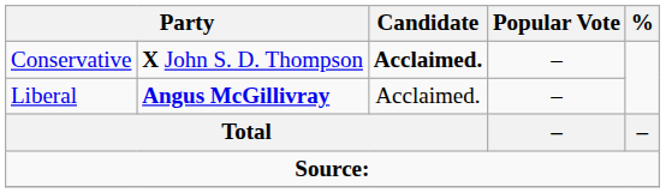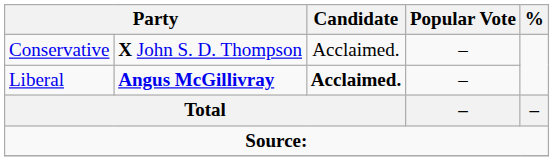 <table class="wikitable">
 <tr>
 <th colspan="2">Party</th>
 <th>Candidate</th>
 <th>Popular Vote</th>
 <th>%</th>
 </tr>
 <tr>
 <td><a href='#'>Conservative</a></td>
 <td> <strong>X</strong> <a href='#'>John S. D. Thompson</a></td>
-<td align=center><strong>Acclaimed.</strong></td>
+<td align=center>Acclaimed.</td>
 <td align=center>–</td>
 </tr>
 <tr>
 <td><a href='#'>Liberal</a></td>
 <td><strong> <a href='#'>Angus McGillivray</a></strong></td>
-<td align=center>Acclaimed.</td>
+<td align=center><strong>Acclaimed.</strong></td>
 <td align=center>–</td>
 </tr>
 <tr>
 <th colspan=3 align=center>Total</th>
 <th align=right>–</th>
 <th align=right>–</th>
 </tr>
 <tr>
 <td align="center" colspan=5><strong>Source:</strong> </td>
 </tr>
 <tr>
 </tr>
 </table>
